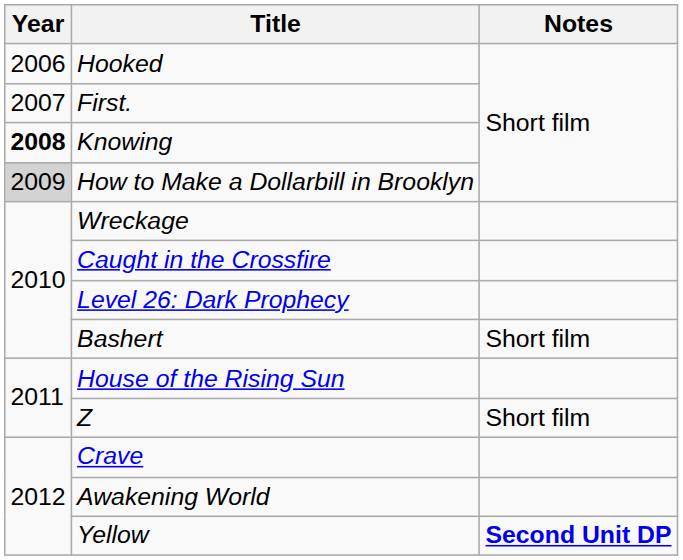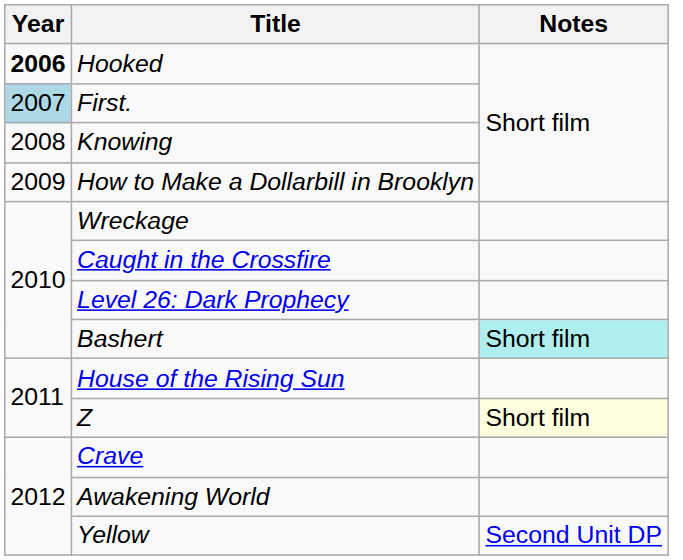 <table class="wikitable">
 <tr>
 <th>Year</th>
 <th>Title</th>
 <th>Notes</th>
 </tr>
 <tr>
-<td>2006</td>
+<td><strong>2006</strong></td>
 <td><em>Hooked</em></td>
 <td rowspan=4>Short film</td>
 </tr>
 <tr>
-<td>2007</td>
+<td style="background: lightblue;">2007</td>
 <td><em>First.</em></td>
 </tr>
 <tr>
-<td><strong>2008</strong></td>
+<td>2008</td>
 <td><em>Knowing</em></td>
 </tr>
 <tr>
-<td style="background: lightgrey;">2009</td>
+<td>2009</td>
 <td><em>How to Make a Dollarbill in Brooklyn</em></td>
 </tr>
 <tr>
 <td rowspan="4">2010</td>
 <td><em>Wreckage</em></td>
 <td></td>
 </tr>
 <tr>
 <td><em><a href='#'>Caught in the Crossfire</a></em></td>
 <td></td>
 </tr>
 <tr>
 <td><em><a href='#'>Level 26: Dark Prophecy</a></em></td>
 <td></td>
 </tr>
 <tr>
 <td><em>Bashert</em></td>
-<td>Short film</td>
+<td style="background: paleturquoise;">Short film</td>
 </tr>
 <tr>
 <td rowspan="2">2011</td>
 <td><em><a href='#'>House of the Rising Sun</a></em></td>
 <td></td>
 </tr>
 <tr>
 <td><em>Z</em></td>
-<td>Short film</td>
+<td style="background: lightyellow;">Short film</td>
 </tr>
 <tr>
 <td rowspan="3">2012</td>
 <td><em><a href='#'>Crave</a></em></td>
 <td></td>
 </tr>
 <tr>
 <td><em>Awakening World</em></td>
 <td></td>
 </tr>
 <tr>
 <td><em>Yellow</em></td>
-<td><strong><a href='#'>Second Unit DP</a></strong></td>
+<td><a href='#'>Second Unit DP</a></td>
 </tr>
 </table>
